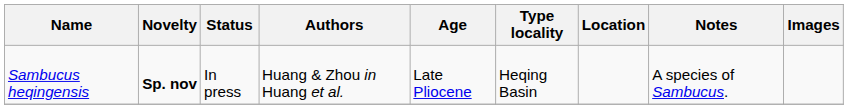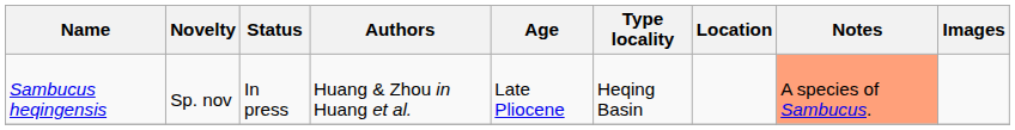 <table class="wikitable sortable" align="center" width="100%">
 <tr>
 <th>Name</th>
 <th>Novelty</th>
 <th>Status</th>
 <th>Authors</th>
 <th>Age</th>
 <th>Type locality</th>
 <th>Location</th>
 <th>Notes</th>
 <th>Images</th>
 </tr>
 <tr>
 <td><br><em><a href='#'>Sambucus heqingensis</a></em></td>
-<td><strong><br>Sp. nov</strong></td>
+<td><br>Sp. nov</td>
 <td><br>In press</td>
 <td><br>Huang & Zhou <em>in</em> Huang <em>et al.</em></td>
 <td><br>Late <a href='#'>Pliocene</a></td>
 <td><br>Heqing Basin</td>
 <td><br></td>
-<td><br>A species of <em><a href='#'>Sambucus</a></em>.</td>
+<td style="background: lightsalmon;"><br>A species of <em><a href='#'>Sambucus</a></em>.</td>
 <td></td>
 </tr>
 <tr>
 </tr>
 </table>
